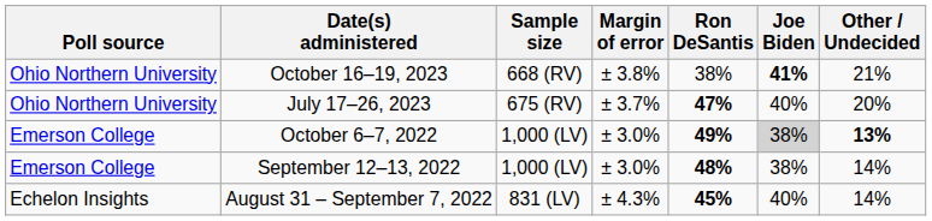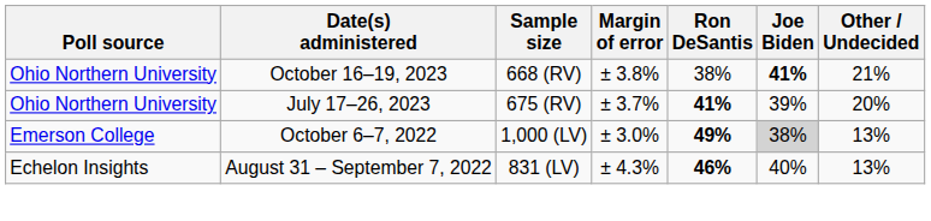 <table class="wikitable sortable mw-datatable" style="font-size:90%;text-align:center;line-height:17px">
 <tr valign=bottom>
 <th>Poll source</th>
 <th>Date(s)<br>administered</th>
 <th>Sample<br>size</th>
 <th>Margin<br>of error</th>
 <th class="unsortable">Ron<br>DeSantis<br></th>
 <th class="unsortable">Joe<br>Biden<br></th>
 <th class="unsortable">Other /<br>Undecided</th>
 </tr>
 <tr>
 <td><a href='#'>Ohio Northern University</a></td>
 <td data-sort-value="2023-10-30">October 16–19, 2023</td>
 <td>668 (RV)</td>
 <td>± 3.8%</td>
 <td>38%</td>
 <td style="color:black;background-color:"><strong>41%</strong></td>
 <td>21%</td>
 </tr>
 <tr>
 <td style="text-align:left;"><a href='#'>Ohio Northern University</a></td>
 <td data-sort-value="2023-07-26">July 17–26, 2023</td>
 <td>675 (RV)</td>
 <td>± 3.7%</td>
-<td style="background-color:"><strong>47%</strong></td>
-<td>40%</td>
+<td style="background-color:"><strong>41%</strong></td>
+<td>39%</td>
 <td>20%</td>
 </tr>
 <tr>
 <td style="text-align:left;"><a href='#'>Emerson College</a></td>
 <td data-sort-value="2022-10-07">October 6–7, 2022</td>
 <td>1,000 (LV)</td>
 <td>± 3.0%</td>
 <td style="background-color:"><strong>49%</strong></td>
 <td style="background: lightgrey;">38%</td>
-<td><strong>13%</strong></td>
-</tr>
-<tr>
-<td style="text-align:left;"><a href='#'>Emerson College</a></td>
-<td data-sort-value="2022-09-13">September 12–13, 2022</td>
-<td>1,000 (LV)</td>
-<td>± 3.0%</td>
-<td style="background-color:"><strong>48%</strong></td>
-<td>38%</td>
-<td>14%</td>
+<td>13%</td>
 </tr>
 <tr>
 <td style="text-align:left;">Echelon Insights</td>
 <td data-sort-value="2022-09-07">August 31 – September 7, 2022</td>
 <td>831 (LV)</td>
 <td>± 4.3%</td>
-<td style="background-color:"><strong>45%</strong></td>
+<td style="background-color:"><strong>46%</strong></td>
 <td>40%</td>
-<td>14%</td>
+<td>13%</td>
 </tr>
 </table>
